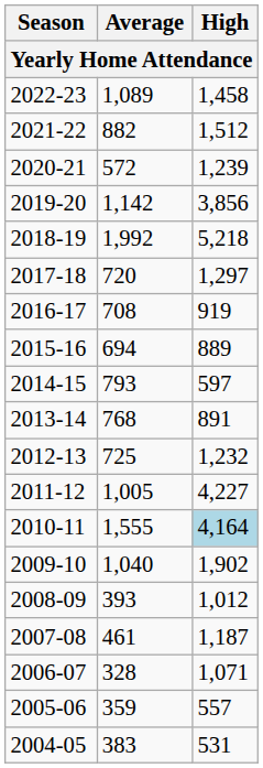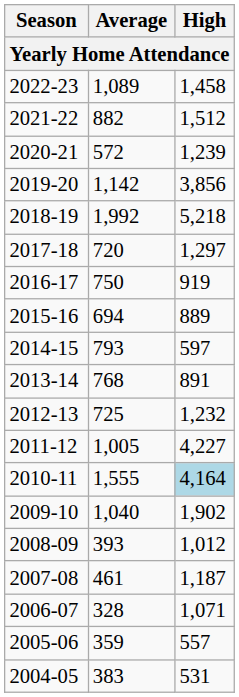 <table class="wikitable">
 <tr>
 <th>Season</th>
 <th>Average</th>
 <th>High</th>
 </tr>
 <tr>
 <th colspan=3>Yearly Home Attendance</th>
 </tr>
 <tr>
 <td>2022-23</td>
 <td>1,089</td>
 <td>1,458</td>
 </tr>
 <tr>
 <td>2021-22</td>
 <td>882</td>
 <td>1,512</td>
 </tr>
 <tr>
 <td>2020-21</td>
 <td>572</td>
 <td>1,239</td>
 </tr>
 <tr>
 <td>2019-20</td>
 <td>1,142</td>
 <td>3,856</td>
 </tr>
 <tr>
 <td>2018-19</td>
 <td>1,992</td>
 <td>5,218</td>
 </tr>
 <tr>
 <td>2017-18</td>
 <td>720</td>
 <td>1,297</td>
 </tr>
 <tr>
 <td>2016-17</td>
-<td>708</td>
+<td>750</td>
 <td>919</td>
 </tr>
 <tr>
 <td>2015-16</td>
 <td>694</td>
 <td>889</td>
 </tr>
 <tr>
 <td>2014-15</td>
 <td>793</td>
 <td>597</td>
 </tr>
 <tr>
 <td>2013-14</td>
 <td>768</td>
 <td>891</td>
 </tr>
 <tr>
 <td>2012-13</td>
 <td>725</td>
 <td>1,232</td>
 </tr>
 <tr>
 <td>2011-12</td>
 <td>1,005</td>
 <td>4,227</td>
 </tr>
 <tr>
 <td>2010-11</td>
 <td>1,555</td>
 <td style="background: lightblue;">4,164</td>
 </tr>
 <tr>
 <td>2009-10</td>
 <td>1,040</td>
 <td>1,902</td>
 </tr>
 <tr>
 <td>2008-09</td>
 <td>393</td>
 <td>1,012</td>
 </tr>
 <tr>
 <td>2007-08</td>
 <td>461</td>
 <td>1,187</td>
 </tr>
 <tr>
 <td>2006-07</td>
 <td>328</td>
 <td>1,071</td>
 </tr>
 <tr>
 <td>2005-06</td>
 <td>359</td>
 <td>557</td>
 </tr>
 <tr>
 <td>2004-05</td>
 <td>383</td>
 <td>531</td>
 </tr>
 </table>
